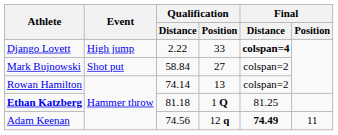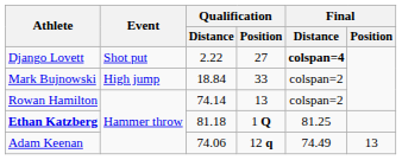 <table class=wikitable style=font-size:90%>
 <tr>
 <th rowspan=2>Athlete</th>
 <th rowspan=2>Event</th>
 <th colspan=2>Qualification</th>
 <th colspan=2>Final</th>
 </tr>
 <tr style=font-size:95%>
 <th>Distance</th>
 <th>Position</th>
 <th>Distance</th>
 <th>Position</th>
 </tr>
 <tr align=center>
 <td align=left><a href='#'>Django Lovett</a></td>
-<td align=left><a href='#'>High jump</a></td>
+<td align=left><a href='#'>Shot put</a></td>
 <td>2.22 </td>
-<td>33</td>
+<td>27</td>
 <td><strong>colspan=4 </strong></td>
 </tr>
 <tr align=center>
 <td align=left><a href='#'>Mark Bujnowski</a></td>
-<td align=left><a href='#'>Shot put</a></td>
-<td>58.84</td>
-<td>27</td>
+<td align=left><a href='#'>High jump</a></td>
+<td>18.84</td>
+<td>33</td>
 <td>colspan=2 </td>
 </tr>
 <tr align=center>
 <td align=left><a href='#'>Rowan Hamilton</a></td>
 <td align=left rowspan=3><a href='#'>Hammer throw</a></td>
 <td>74.14</td>
 <td>13</td>
 <td>colspan=2 </td>
 </tr>
 <tr align=center>
 <td align=left><strong><a href='#'>Ethan Katzberg</a></strong></td>
 <td>81.18 <strong></strong></td>
 <td>1 <strong>Q</strong></td>
 <td>81.25 <strong></strong></td>
 <td></td>
 </tr>
 <tr align=center>
 <td align=left><a href='#'>Adam Keenan</a></td>
-<td>74.56</td>
+<td>74.06</td>
 <td>12 <strong>q</strong></td>
-<td><strong>74.49</strong></td>
-<td>11</td>
+<td>74.49</td>
+<td>13</td>
 </tr>
 </table>
